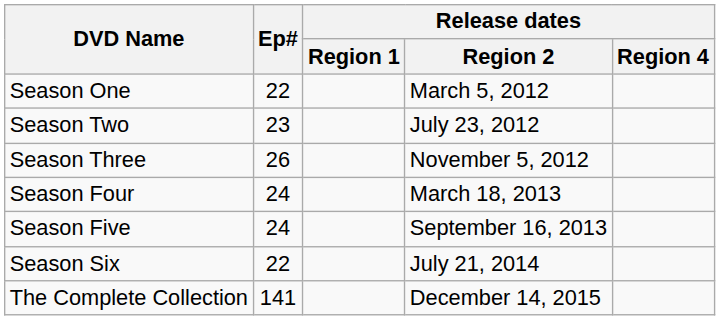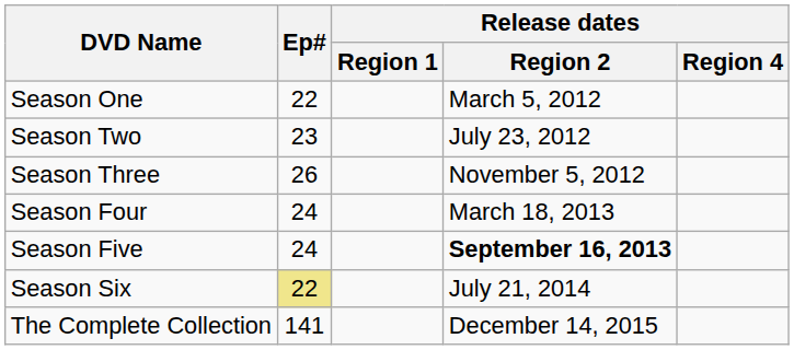 <table class="wikitable">
 <tr>
 <th rowspan="2">DVD Name</th>
 <th rowspan="2">Ep#</th>
 <th colspan="3">Release dates</th>
 </tr>
 <tr>
 <th>Region 1</th>
 <th>Region 2</th>
 <th>Region 4</th>
 </tr>
 <tr>
 <td>Season One</td>
 <td style="text-align:center;">22</td>
 <td style="text-align:center;"></td>
 <td>March 5, 2012</td>
 <td style="text-align:center;"></td>
 </tr>
 <tr>
 <td>Season Two</td>
 <td style="text-align:center;">23</td>
 <td style="text-align:center;"></td>
 <td>July 23, 2012</td>
 <td style="text-align:center;"></td>
 </tr>
 <tr>
 <td>Season Three</td>
 <td style="text-align:center;">26</td>
 <td style="text-align:center;"></td>
 <td>November 5, 2012</td>
 <td style="text-align:center;"></td>
 </tr>
 <tr>
 <td>Season Four</td>
 <td style="text-align:center;">24</td>
 <td style="text-align:center;"></td>
 <td>March 18, 2013</td>
 <td style="text-align:center;"></td>
 </tr>
 <tr>
 <td>Season Five</td>
 <td style="text-align:center;">24</td>
 <td style="text-align:center;"></td>
-<td>September 16, 2013</td>
+<td><strong>September 16, 2013</strong></td>
 <td style="text-align:center;"></td>
 </tr>
 <tr>
 <td>Season Six</td>
-<td style="text-align:center;">22</td>
+<td style="background: khaki; text-align:center;">22</td>
 <td style="text-align:center;"></td>
 <td>July 21, 2014</td>
 <td style="text-align:center;"></td>
 </tr>
 <tr>
 <td>The Complete Collection</td>
 <td style="text-align:center;">141</td>
 <td style="text-align:center;"></td>
 <td>December 14, 2015</td>
 <td style="text-align:center;"></td>
 </tr>
 </table>
